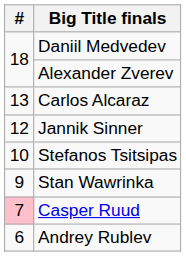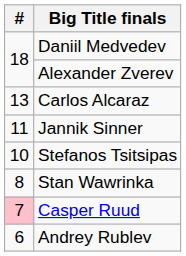 <table class="wikitable" style="display: inline-table;">
 <tr>
 <th width=20>#</th>
 <th>Big Title finals</th>
 </tr>
 <tr>
 <td rowspan="2" align=center>18</td>
 <td> Daniil Medvedev</td>
 </tr>
 <tr>
 <td> Alexander Zverev</td>
 </tr>
 <tr>
 <td align=center>13</td>
 <td> Carlos Alcaraz</td>
 </tr>
 <tr>
-<td align=center>12</td>
+<td align=center>11</td>
 <td> Jannik Sinner</td>
 </tr>
 <tr>
 <td align=center>10</td>
 <td> Stefanos Tsitsipas</td>
 </tr>
 <tr>
-<td align=center>9</td>
+<td align=center>8</td>
 <td> Stan Wawrinka</td>
 </tr>
 <tr>
 <td align=center style="background: pink;">7</td>
 <td> <a href='#'>Casper Ruud</a></td>
 </tr>
 <tr>
 <td align=center>6</td>
 <td> Andrey Rublev</td>
 </tr>
 </table>
